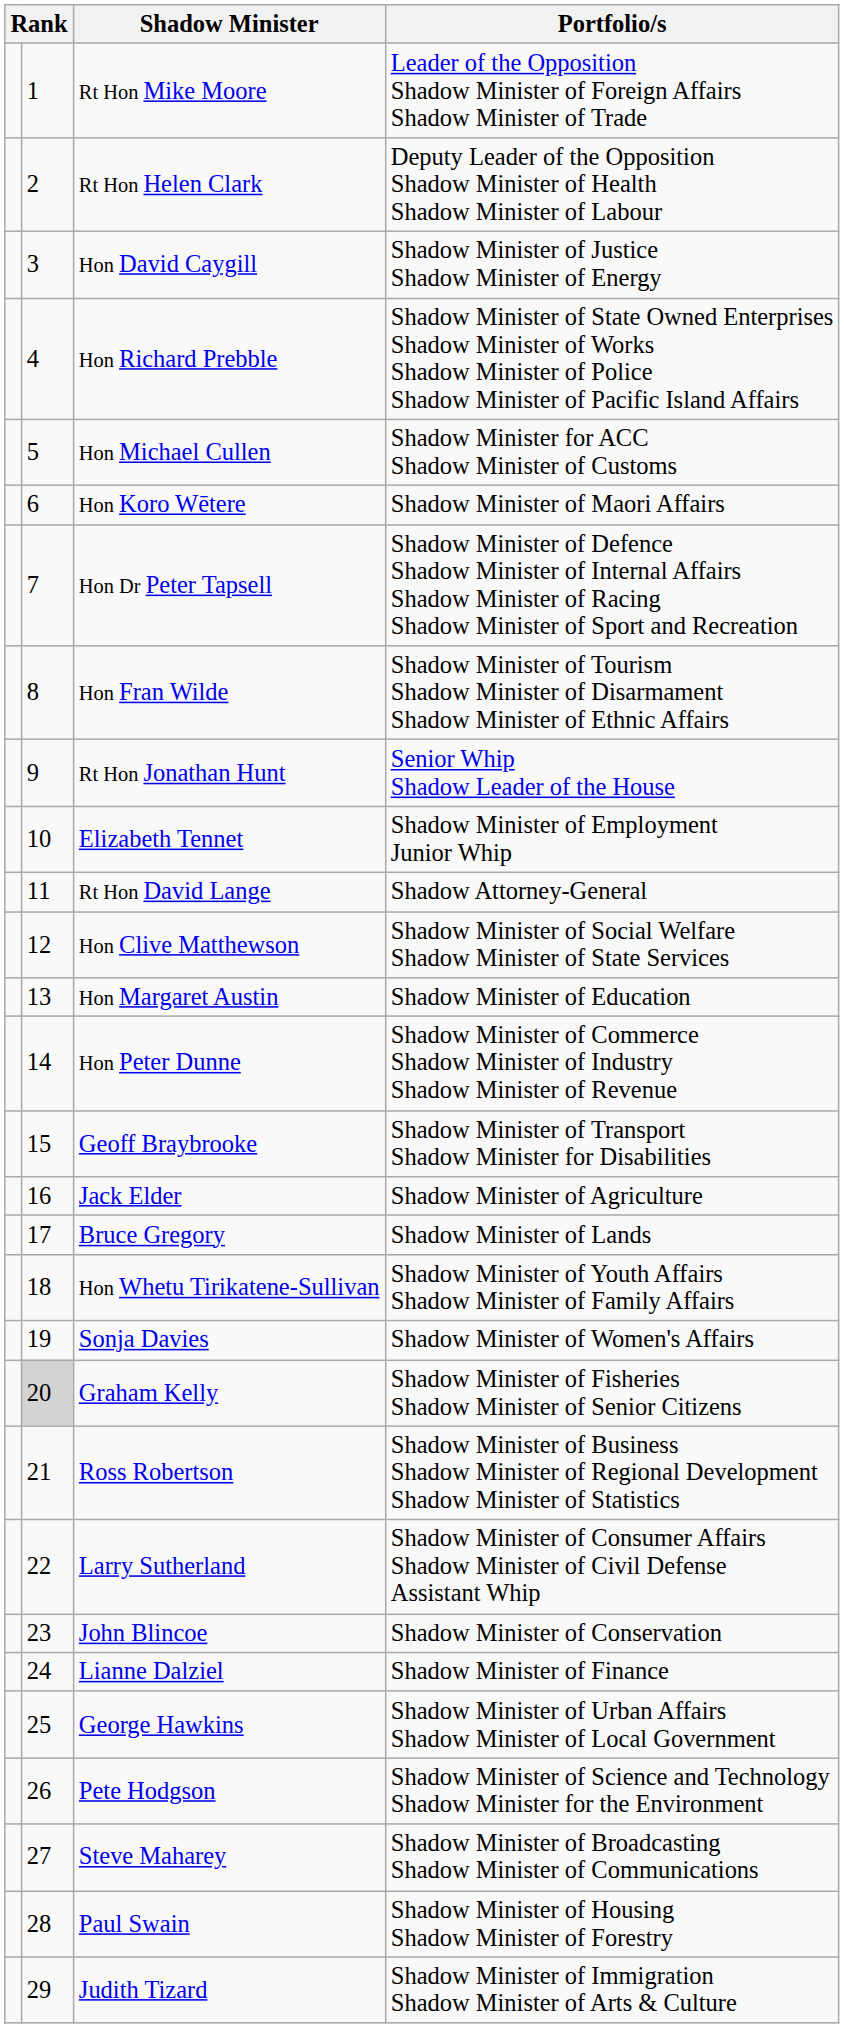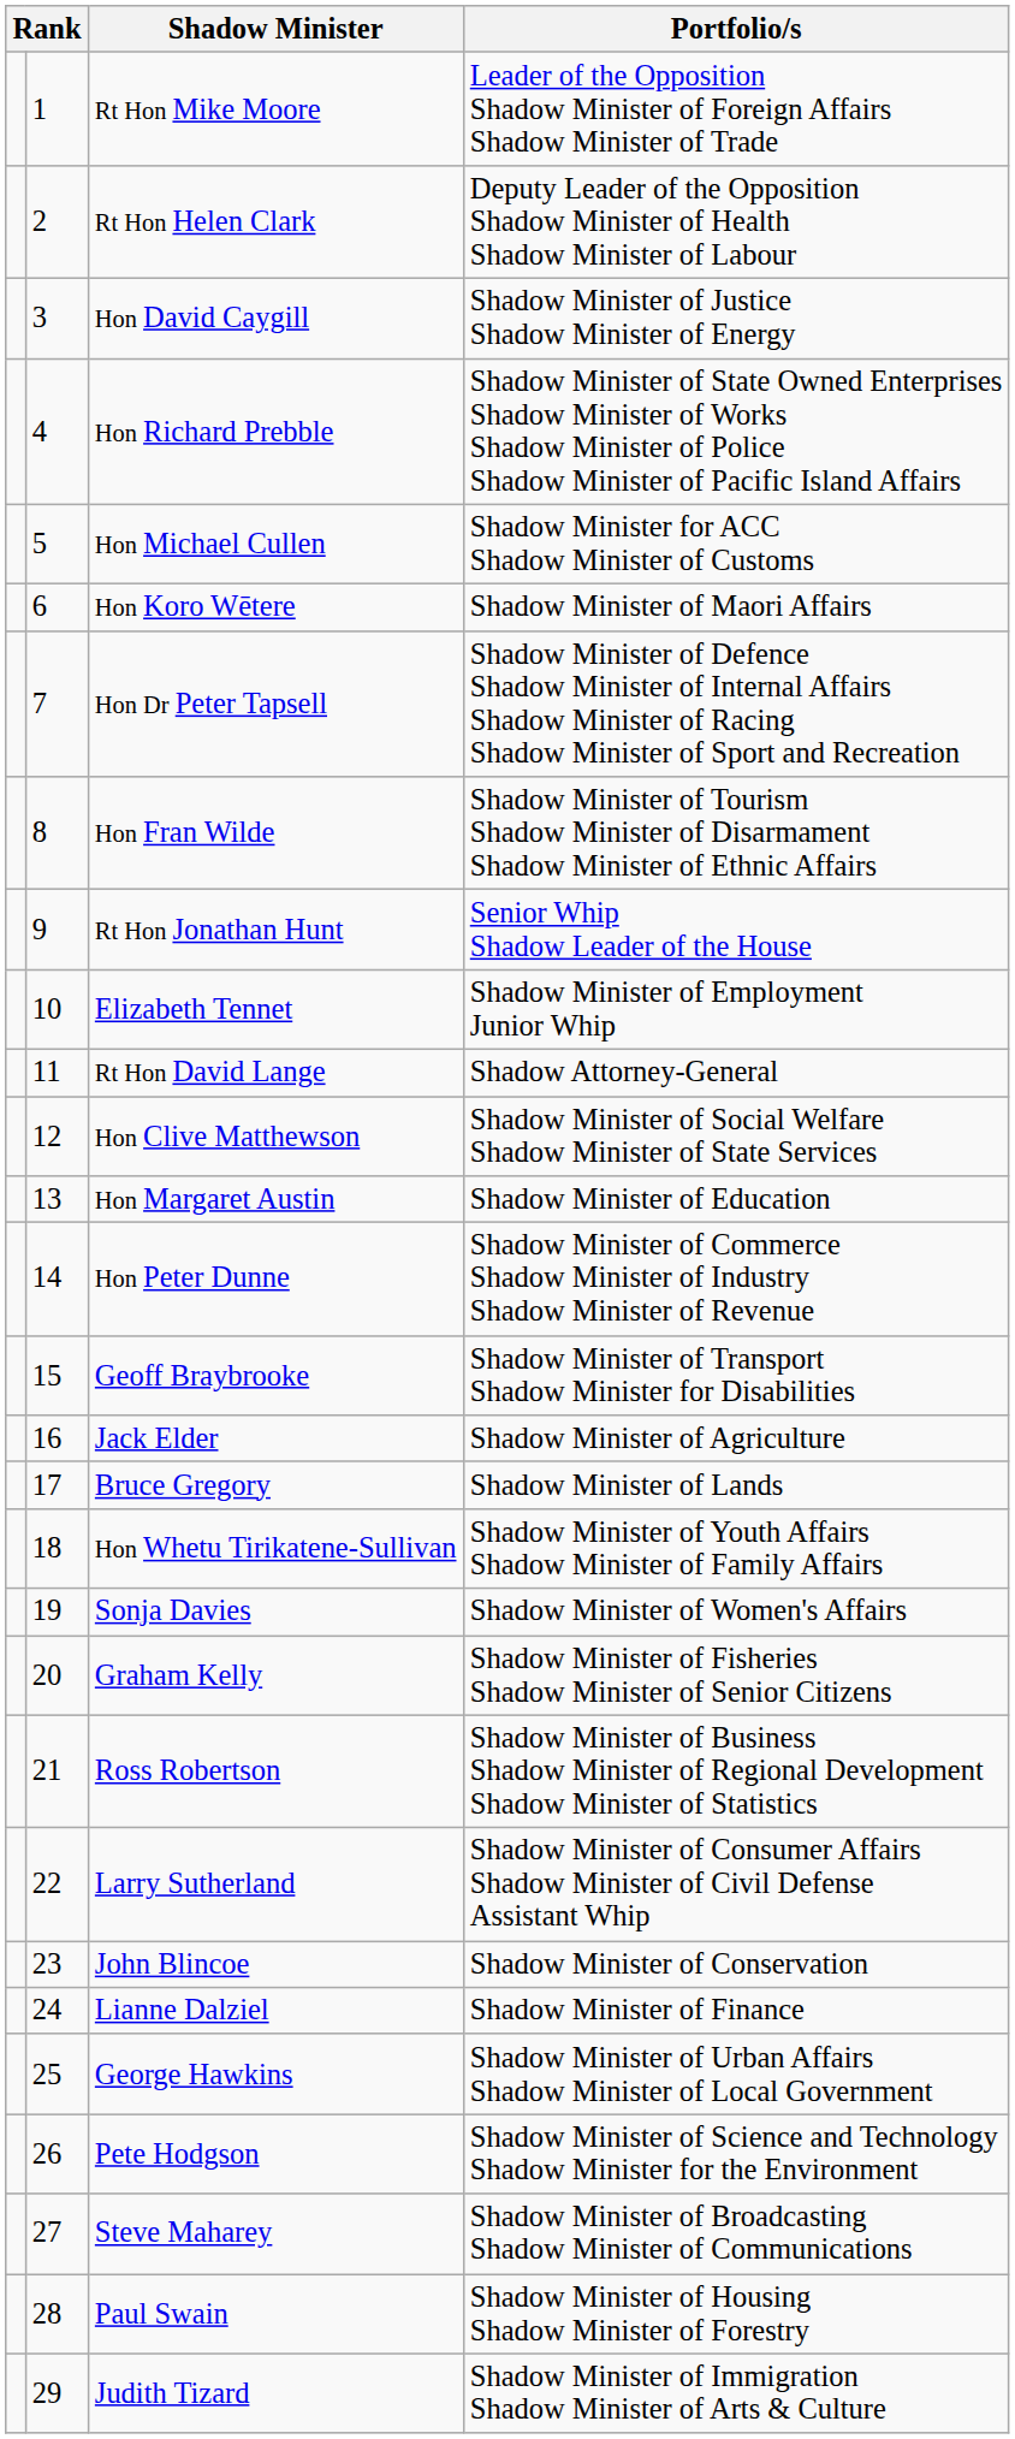 <table class="wikitable">
 <tr>
 <th colspan="2">Rank</th>
 <th>Shadow Minister</th>
 <th>Portfolio/s</th>
 </tr>
 <tr>
 <td bgcolor=></td>
 <td>1</td>
 <td><small>Rt Hon </small><a href='#'>Mike Moore</a></td>
 <td><a href='#'>Leader of the Opposition</a><br>Shadow Minister of Foreign Affairs<br>Shadow Minister of Trade</td>
 </tr>
 <tr>
 <td bgcolor=></td>
 <td>2</td>
 <td><small>Rt Hon </small><a href='#'>Helen Clark</a></td>
 <td>Deputy Leader of the Opposition<br>Shadow Minister of Health<br>Shadow Minister of Labour</td>
 </tr>
 <tr>
 <td bgcolor=></td>
 <td>3</td>
 <td><small>Hon </small><a href='#'>David Caygill</a></td>
 <td>Shadow Minister of Justice<br>Shadow Minister of Energy</td>
 </tr>
 <tr>
 <td bgcolor=></td>
 <td>4</td>
 <td><small>Hon </small><a href='#'>Richard Prebble</a></td>
 <td>Shadow Minister of State Owned Enterprises<br>Shadow Minister of Works<br>Shadow Minister of Police<br>Shadow Minister of Pacific Island Affairs</td>
 </tr>
 <tr>
 <td bgcolor=></td>
 <td>5</td>
 <td><small>Hon </small><a href='#'>Michael Cullen</a></td>
 <td>Shadow Minister for ACC<br>Shadow Minister of Customs</td>
 </tr>
 <tr>
 <td bgcolor=></td>
 <td>6</td>
 <td><small>Hon </small><a href='#'>Koro Wētere</a></td>
 <td>Shadow Minister of Maori Affairs</td>
 </tr>
 <tr>
 <td bgcolor=></td>
 <td>7</td>
 <td><small>Hon Dr </small><a href='#'>Peter Tapsell</a></td>
 <td>Shadow Minister of Defence<br>Shadow Minister of Internal Affairs<br>Shadow Minister of Racing<br>Shadow Minister of Sport and Recreation</td>
 </tr>
 <tr>
 <td bgcolor=></td>
 <td>8</td>
 <td><small>Hon </small><a href='#'>Fran Wilde</a></td>
 <td>Shadow Minister of Tourism<br>Shadow Minister of Disarmament<br>Shadow Minister of Ethnic Affairs</td>
 </tr>
 <tr>
 <td bgcolor=></td>
 <td>9</td>
 <td><small>Rt Hon </small><a href='#'>Jonathan Hunt</a></td>
 <td><a href='#'>Senior Whip</a><br><a href='#'>Shadow Leader of the House</a></td>
 </tr>
 <tr>
 <td bgcolor=></td>
 <td>10</td>
 <td><a href='#'>Elizabeth Tennet</a></td>
 <td>Shadow Minister of Employment<br>Junior Whip</td>
 </tr>
 <tr>
 <td bgcolor=></td>
 <td>11</td>
 <td><small>Rt Hon </small><a href='#'>David Lange</a></td>
 <td>Shadow Attorney-General</td>
 </tr>
 <tr>
 <td bgcolor=></td>
 <td>12</td>
 <td><small>Hon </small><a href='#'>Clive Matthewson</a></td>
 <td>Shadow Minister of Social Welfare<br>Shadow Minister of State Services</td>
 </tr>
 <tr>
 <td bgcolor=></td>
 <td>13</td>
 <td><small>Hon </small><a href='#'>Margaret Austin</a></td>
 <td>Shadow Minister of Education</td>
 </tr>
 <tr>
 <td bgcolor=></td>
 <td>14</td>
 <td><small>Hon </small><a href='#'>Peter Dunne</a></td>
 <td>Shadow Minister of Commerce<br>Shadow Minister of Industry<br>Shadow Minister of Revenue</td>
 </tr>
 <tr>
 <td bgcolor=></td>
 <td>15</td>
 <td><a href='#'>Geoff Braybrooke</a></td>
 <td>Shadow Minister of Transport<br>Shadow Minister for Disabilities</td>
 </tr>
 <tr>
 <td bgcolor=></td>
 <td>16</td>
 <td><a href='#'>Jack Elder</a></td>
 <td>Shadow Minister of Agriculture</td>
 </tr>
 <tr>
 <td bgcolor=></td>
 <td>17</td>
 <td><a href='#'>Bruce Gregory</a></td>
 <td>Shadow Minister of Lands</td>
 </tr>
 <tr>
 <td bgcolor=></td>
 <td>18</td>
 <td><small>Hon </small><a href='#'>Whetu Tirikatene-Sullivan</a></td>
 <td>Shadow Minister of Youth Affairs<br>Shadow Minister of Family Affairs</td>
 </tr>
 <tr>
 <td bgcolor=></td>
 <td>19</td>
 <td><a href='#'>Sonja Davies</a></td>
 <td>Shadow Minister of Women's Affairs</td>
 </tr>
 <tr>
 <td bgcolor=></td>
-<td style="background: lightgrey;">20</td>
+<td>20</td>
 <td><a href='#'>Graham Kelly</a></td>
 <td>Shadow Minister of Fisheries<br>Shadow Minister of Senior Citizens</td>
 </tr>
 <tr>
 <td bgcolor=></td>
 <td>21</td>
 <td><a href='#'>Ross Robertson</a></td>
 <td>Shadow Minister of Business<br>Shadow Minister of Regional Development<br>Shadow Minister of Statistics</td>
 </tr>
 <tr>
 <td bgcolor=></td>
 <td>22</td>
 <td><a href='#'>Larry Sutherland</a></td>
 <td>Shadow Minister of Consumer Affairs<br>Shadow Minister of Civil Defense<br>Assistant Whip</td>
 </tr>
 <tr>
 <td bgcolor=></td>
 <td>23</td>
 <td><a href='#'>John Blincoe</a></td>
 <td>Shadow Minister of Conservation</td>
 </tr>
 <tr>
 <td bgcolor=></td>
 <td>24</td>
 <td><a href='#'>Lianne Dalziel</a></td>
 <td>Shadow Minister of Finance</td>
 </tr>
 <tr>
 <td bgcolor=></td>
 <td>25</td>
 <td><a href='#'>George Hawkins</a></td>
 <td>Shadow Minister of Urban Affairs<br>Shadow Minister of Local Government</td>
 </tr>
 <tr>
 <td bgcolor=></td>
 <td>26</td>
 <td><a href='#'>Pete Hodgson</a></td>
 <td>Shadow Minister of Science and Technology<br>Shadow Minister for the Environment</td>
 </tr>
 <tr>
 <td bgcolor=></td>
 <td>27</td>
 <td><a href='#'>Steve Maharey</a></td>
 <td>Shadow Minister of Broadcasting<br>Shadow Minister of Communications</td>
 </tr>
 <tr>
 <td bgcolor=></td>
 <td>28</td>
 <td><a href='#'>Paul Swain</a></td>
 <td>Shadow Minister of Housing<br>Shadow Minister of Forestry</td>
 </tr>
 <tr>
 <td bgcolor=></td>
 <td>29</td>
 <td><a href='#'>Judith Tizard</a></td>
 <td>Shadow Minister of Immigration<br>Shadow Minister of Arts & Culture</td>
 </tr>
 </table>
